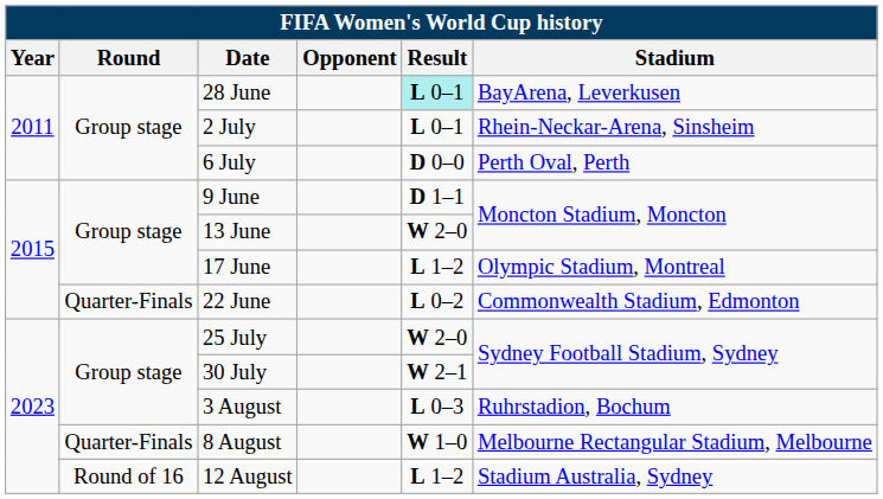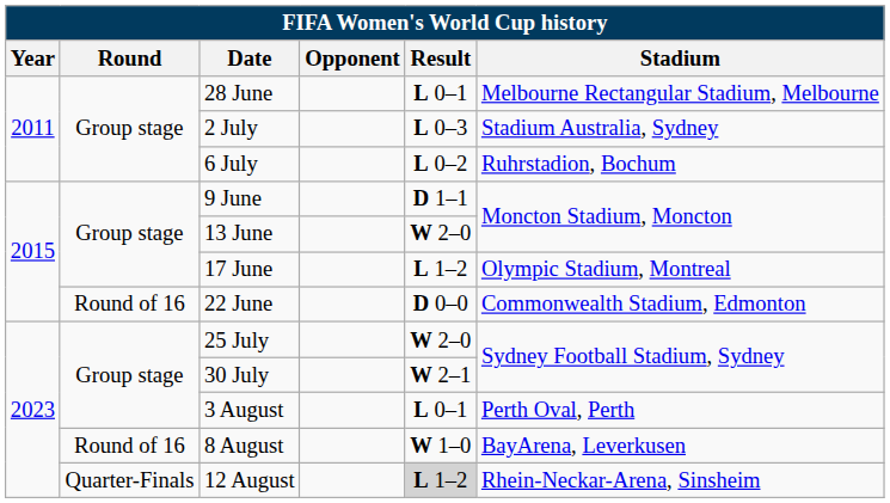 <table class="wikitable" style="text-align: center;font-size:100%;">
 <tr>
 <th colspan=6 style="background: #013A5E; color: #FFFFFF;">FIFA Women's World Cup history</th>
 </tr>
 <tr>
 <th>Year</th>
 <th>Round</th>
 <th>Date</th>
 <th>Opponent</th>
 <th>Result</th>
 <th>Stadium</th>
 </tr>
 <tr>
 <td rowspan=3> <a href='#'>2011</a></td>
 <td rowspan=3>Group stage</td>
 <td align="left">28 June</td>
 <td align="left"></td>
-<td style="background: paleturquoise;"><strong>L</strong> 0–1</td>
-<td align="left"><a href='#'>BayArena</a>, <a href='#'>Leverkusen</a></td>
+<td><strong>L</strong> 0–1</td>
+<td align="left"><a href='#'>Melbourne Rectangular Stadium</a>, <a href='#'>Melbourne</a></td>
 </tr>
 <tr>
 <td align="left">2 July</td>
 <td align="left"></td>
-<td><strong>L</strong> 0–1</td>
-<td align="left"><a href='#'>Rhein-Neckar-Arena</a>, <a href='#'>Sinsheim</a></td>
+<td><strong>L</strong> 0–3</td>
+<td align="left"><a href='#'>Stadium Australia</a>, <a href='#'>Sydney</a></td>
 </tr>
 <tr>
 <td align="left">6 July</td>
 <td align="left"></td>
-<td><strong>D</strong> 0–0</td>
-<td align="left"><a href='#'>Perth Oval</a>, <a href='#'>Perth</a></td>
+<td><strong>L</strong> 0–2</td>
+<td align="left"><a href='#'>Ruhrstadion</a>, <a href='#'>Bochum</a></td>
 </tr>
 <tr>
 <td rowspan=4> <a href='#'>2015</a></td>
 <td rowspan=3>Group stage</td>
 <td align="left">9 June</td>
 <td align="left"></td>
 <td><strong>D</strong> 1–1</td>
 <td rowspan=2 align="left"><a href='#'>Moncton Stadium</a>, <a href='#'>Moncton</a></td>
 </tr>
 <tr>
 <td align="left">13 June</td>
 <td align="left"></td>
 <td><strong>W</strong> 2–0</td>
 </tr>
 <tr>
 <td align="left">17 June</td>
 <td align="left"></td>
 <td><strong>L</strong> 1–2</td>
 <td align="left"><a href='#'>Olympic Stadium</a>, <a href='#'>Montreal</a></td>
 </tr>
 <tr>
-<td>Quarter-Finals</td>
+<td>Round of 16</td>
 <td align="left">22 June</td>
 <td align="left"></td>
-<td><strong>L</strong> 0–2</td>
+<td><strong>D</strong> 0–0</td>
 <td align="left"><a href='#'>Commonwealth Stadium</a>, <a href='#'>Edmonton</a></td>
 </tr>
 <tr>
 <td rowspan=5> <a href='#'>2023</a></td>
 <td rowspan=3>Group stage</td>
 <td align="left">25 July</td>
 <td align="left"></td>
 <td><strong>W</strong> 2–0</td>
 <td rowspan=2 align="left"><a href='#'>Sydney Football Stadium</a>, <a href='#'>Sydney</a></td>
 </tr>
 <tr>
 <td align="left">30 July</td>
 <td align="left"></td>
 <td><strong>W</strong> 2–1</td>
 </tr>
 <tr>
 <td align="left">3 August</td>
 <td align="left"></td>
-<td><strong>L</strong> 0–3</td>
-<td align="left"><a href='#'>Ruhrstadion</a>, <a href='#'>Bochum</a></td>
+<td><strong>L</strong> 0–1</td>
+<td align="left"><a href='#'>Perth Oval</a>, <a href='#'>Perth</a></td>
+</tr>
+<tr>
+<td>Round of 16</td>
+<td align="left">8 August</td>
+<td align="left"></td>
+<td><strong>W</strong> 1–0</td>
+<td align="left"><a href='#'>BayArena</a>, <a href='#'>Leverkusen</a></td>
 </tr>
 <tr>
 <td>Quarter-Finals</td>
-<td align="left">8 August</td>
-<td align="left"></td>
-<td><strong>W</strong> 1–0</td>
-<td align="left"><a href='#'>Melbourne Rectangular Stadium</a>, <a href='#'>Melbourne</a></td>
-</tr>
-<tr>
-<td>Round of 16</td>
 <td align="left">12 August</td>
 <td align="left"></td>
-<td><strong>L</strong> 1–2</td>
-<td align="left"><a href='#'>Stadium Australia</a>, <a href='#'>Sydney</a></td>
+<td style="background: lightgrey;"><strong>L</strong> 1–2</td>
+<td align="left"><a href='#'>Rhein-Neckar-Arena</a>, <a href='#'>Sinsheim</a></td>
 </tr>
 </table>
